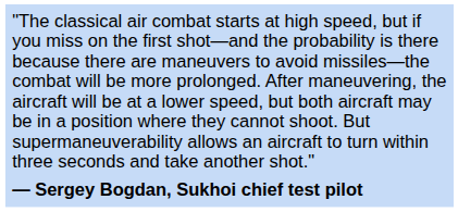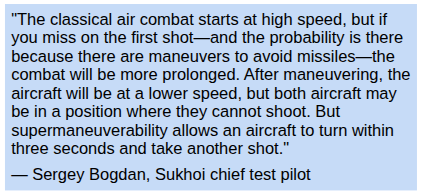 <table class="toccolours" style="float: right; margin-left: 1em; margin-right: 2em; font-size: 100%; background:#c6dbf7; color:black; width:25em; max-width: 40%;" cellspacing="5">
 <tr>
 <td style="text-align: left;">"The classical air combat starts at high speed, but if you miss on the first shot—and the probability is there because there are maneuvers to avoid missiles—the combat will be more prolonged. After maneuvering, the aircraft will be at a lower speed, but both aircraft may be in a position where they cannot shoot. But supermaneuverability allows an aircraft to turn within three seconds and take another shot."</td>
 </tr>
 <tr>
-<td style="text-align: left;"><strong>— Sergey Bogdan, Sukhoi chief test pilot</strong></td>
+<td style="text-align: left;">— Sergey Bogdan, Sukhoi chief test pilot</td>
 </tr>
 </table>
